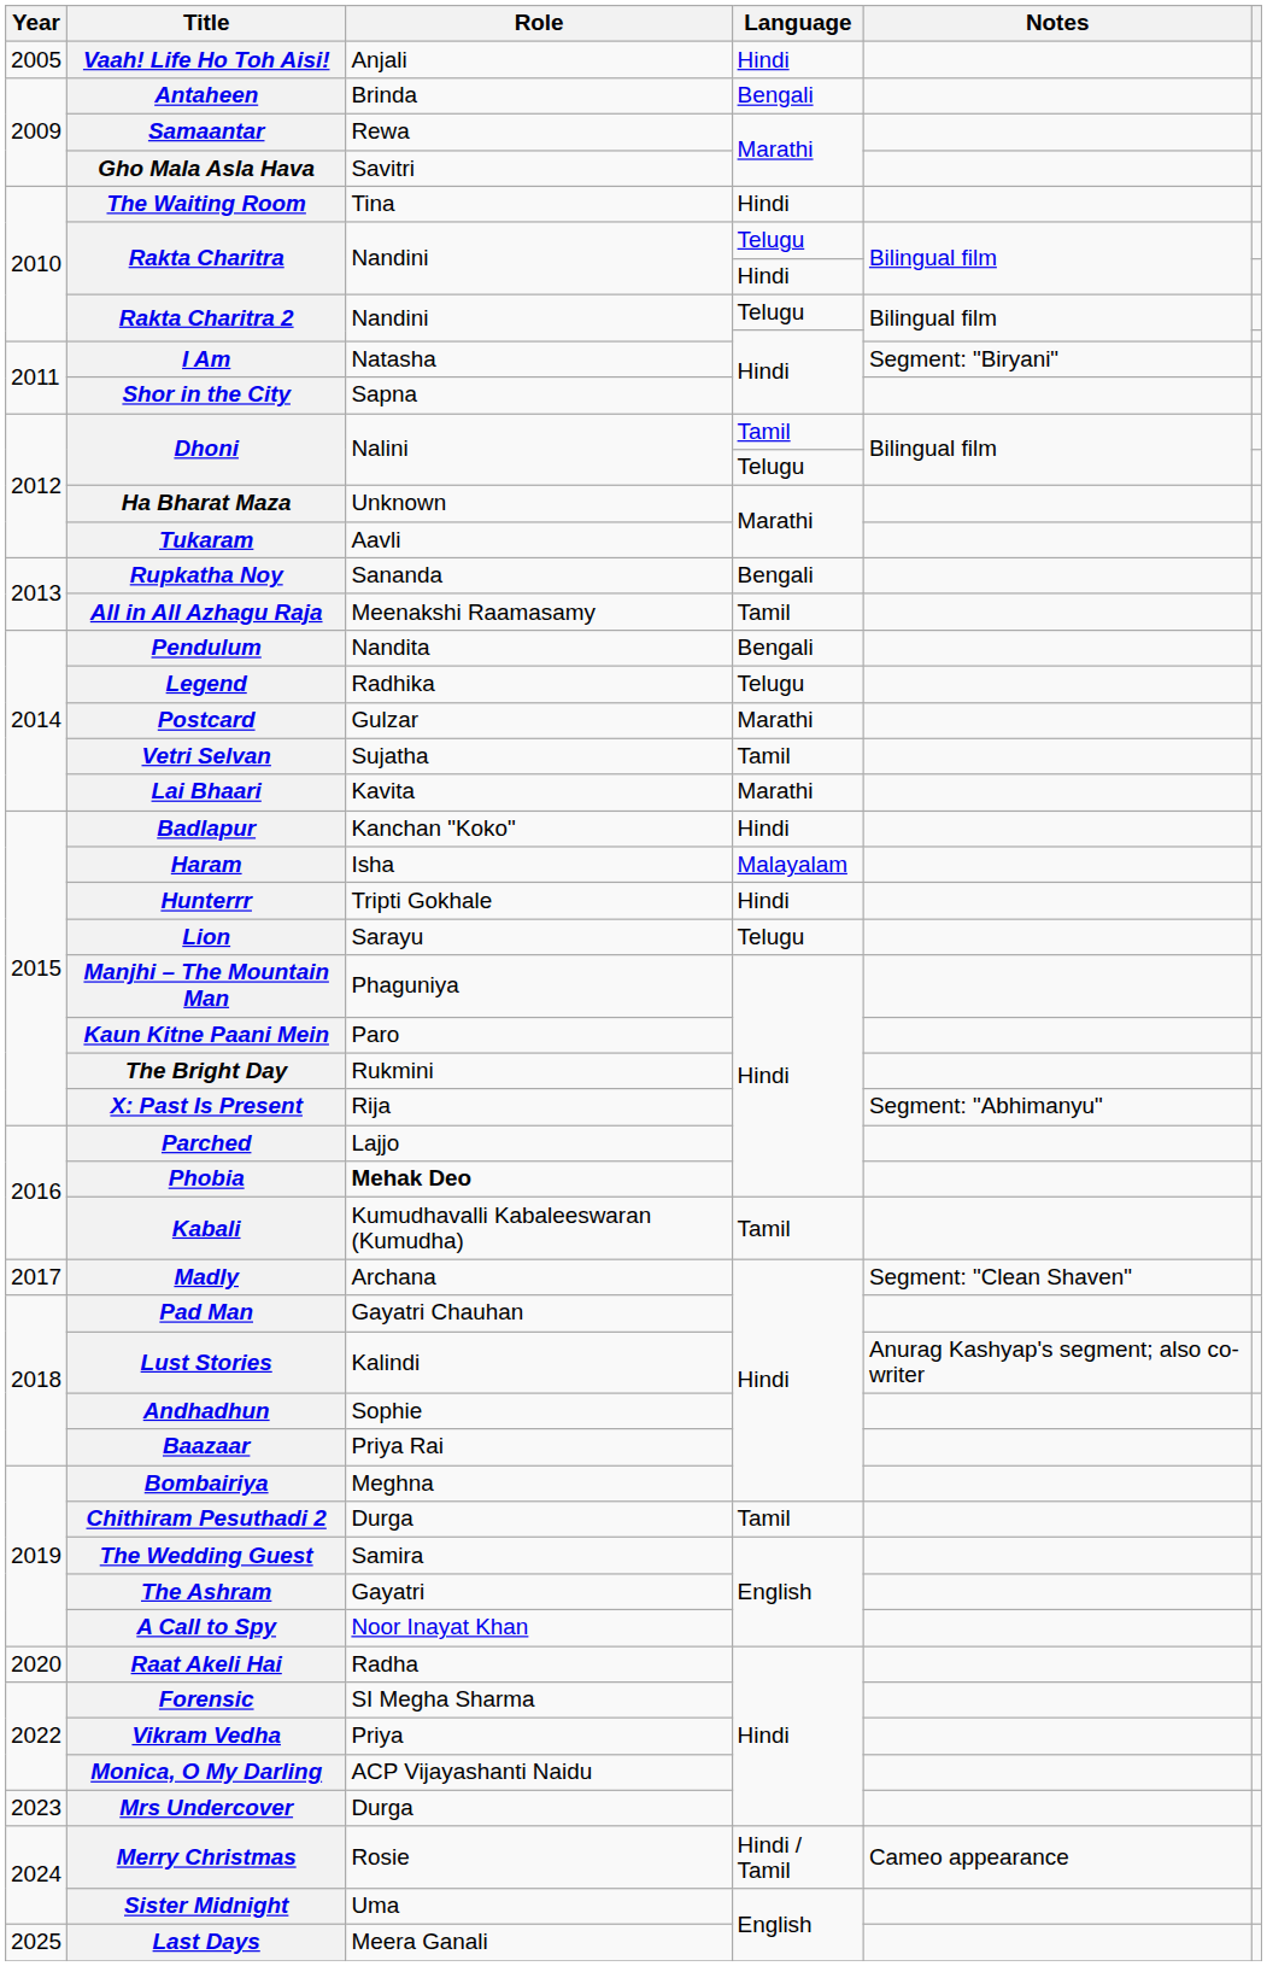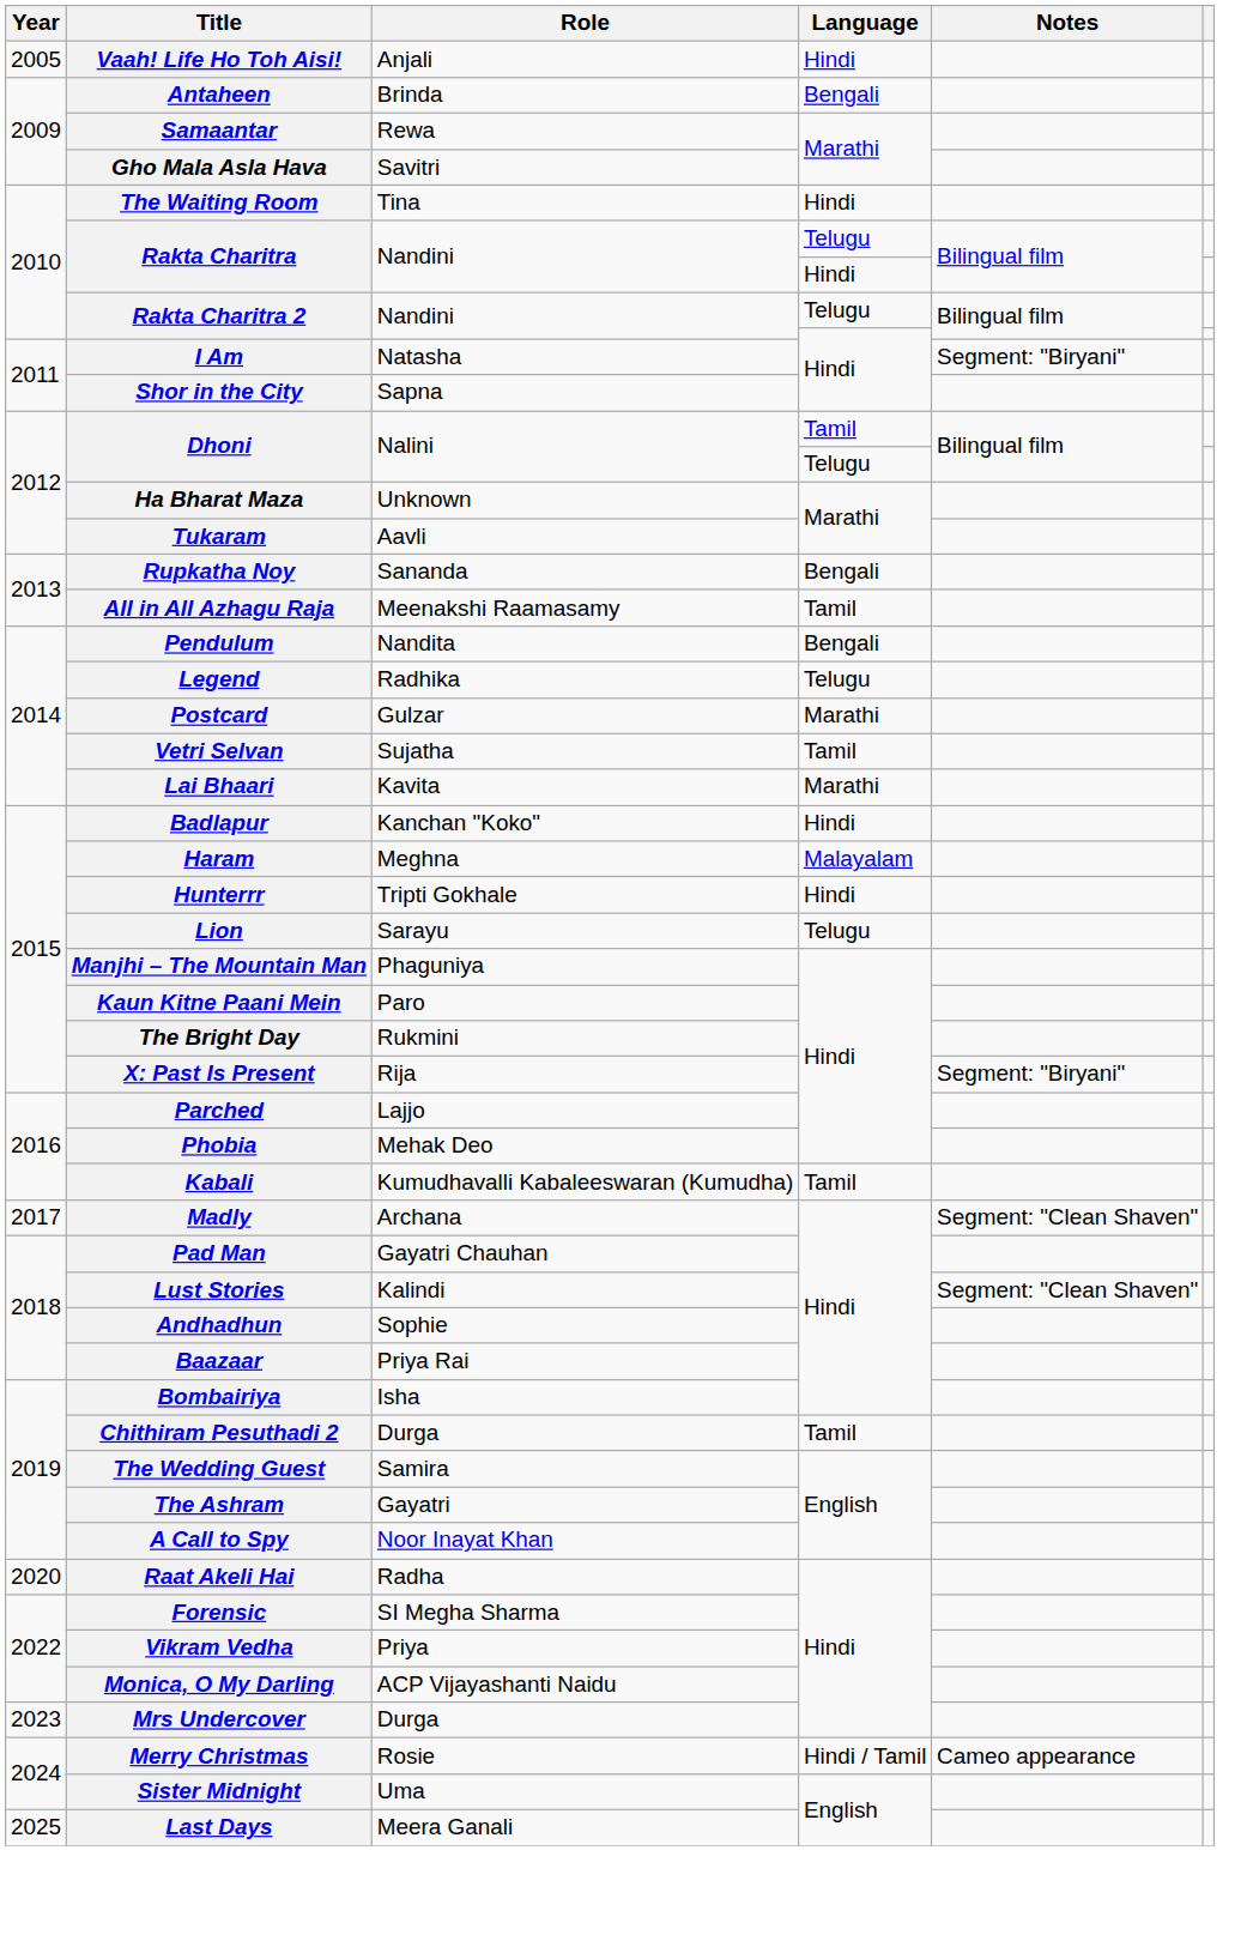 <table class="wikitable plainrowheaders sortable" style="margin-right: 0;">
 <tr>
 <th scope="col">Year</th>
 <th scope="col">Title</th>
 <th scope="col">Role</th>
 <th scope="col">Language</th>
 <th scope="col" class="unsortable">Notes</th>
 <th scope="col" class="unsortable"></th>
 </tr>
 <tr>
 <td>2005</td>
 <th scope="row"><em><a href='#'>Vaah! Life Ho Toh Aisi!</a></em></th>
 <td>Anjali</td>
 <td><a href='#'>Hindi</a></td>
 <td></td>
 <td></td>
 </tr>
 <tr>
 <td rowspan="3">2009</td>
 <th scope="row"><em><a href='#'>Antaheen</a></em></th>
 <td>Brinda</td>
 <td><a href='#'>Bengali</a></td>
 <td></td>
 <td></td>
 </tr>
 <tr>
 <th scope="row"><em><a href='#'>Samaantar</a></em></th>
 <td>Rewa</td>
 <td rowspan="2"><a href='#'>Marathi</a></td>
 <td></td>
 <td></td>
 </tr>
 <tr>
 <th scope="row"><em>Gho Mala Asla Hava</em></th>
 <td>Savitri</td>
 <td></td>
 <td></td>
 </tr>
 <tr>
 <td rowspan="5">2010</td>
 <th scope="row"><em><a href='#'>The Waiting Room</a></em></th>
 <td>Tina</td>
 <td>Hindi</td>
 <td></td>
 <td></td>
 </tr>
 <tr>
 <th scope="row" rowspan="2"><em><a href='#'>Rakta Charitra</a></em></th>
 <td rowspan="2">Nandini</td>
 <td><a href='#'>Telugu</a></td>
 <td rowspan="2"><a href='#'>Bilingual film</a></td>
 <td></td>
 </tr>
 <tr>
 <td>Hindi</td>
 <td></td>
 </tr>
 <tr>
 <th scope="row" rowspan="2"><em><a href='#'>Rakta Charitra 2</a></em></th>
 <td rowspan="2">Nandini</td>
 <td>Telugu</td>
 <td rowspan="2">Bilingual film</td>
 <td></td>
 </tr>
 <tr>
 <td rowspan="3">Hindi</td>
 <td></td>
 </tr>
 <tr>
 <td rowspan="2">2011</td>
 <th scope="row"><em><a href='#'>I Am</a></em></th>
 <td>Natasha</td>
 <td>Segment: "Biryani"</td>
 <td></td>
 </tr>
 <tr>
 <th scope="row"><em><a href='#'>Shor in the City</a></em></th>
 <td>Sapna</td>
 <td></td>
 <td></td>
 </tr>
 <tr>
 <td rowspan="4">2012</td>
 <th scope="row" rowspan="2"><em><a href='#'>Dhoni</a></em></th>
 <td rowspan="2">Nalini</td>
 <td><a href='#'>Tamil</a></td>
 <td rowspan="2">Bilingual film</td>
 <td></td>
 </tr>
 <tr>
 <td>Telugu</td>
 <td></td>
 </tr>
 <tr>
 <th scope="row"><em>Ha Bharat Maza</em></th>
 <td>Unknown</td>
 <td rowspan="2">Marathi</td>
 <td></td>
 <td></td>
 </tr>
 <tr>
 <th scope="row"><em><a href='#'>Tukaram</a></em></th>
 <td>Aavli</td>
 <td></td>
 <td></td>
 </tr>
 <tr>
 <td rowspan="2">2013</td>
 <th scope="row"><em><a href='#'>Rupkatha Noy</a></em></th>
 <td>Sananda</td>
 <td>Bengali</td>
 <td></td>
 <td></td>
 </tr>
 <tr>
 <th scope="row"><em><a href='#'>All in All Azhagu Raja</a></em></th>
 <td>Meenakshi Raamasamy</td>
 <td>Tamil</td>
 <td></td>
 <td></td>
 </tr>
 <tr>
 <td rowspan="5">2014</td>
 <th scope="row"><em><a href='#'>Pendulum</a></em></th>
 <td>Nandita</td>
 <td>Bengali</td>
 <td></td>
 <td></td>
 </tr>
 <tr>
 <th scope="row"><em><a href='#'>Legend</a></em></th>
 <td>Radhika</td>
 <td>Telugu</td>
 <td></td>
 <td></td>
 </tr>
 <tr>
 <th scope="row"><em><a href='#'>Postcard</a></em></th>
 <td>Gulzar</td>
 <td>Marathi</td>
 <td></td>
 <td></td>
 </tr>
 <tr>
 <th scope="row"><em><a href='#'>Vetri Selvan</a></em></th>
 <td>Sujatha</td>
 <td>Tamil</td>
 <td></td>
 <td></td>
 </tr>
 <tr>
 <th scope="row"><em><a href='#'>Lai Bhaari</a></em></th>
 <td>Kavita</td>
 <td>Marathi</td>
 <td></td>
 <td></td>
 </tr>
 <tr>
 <td rowspan="8">2015</td>
 <th scope="row"><em><a href='#'>Badlapur</a></em></th>
 <td>Kanchan "Koko"</td>
 <td>Hindi</td>
 <td></td>
 <td></td>
 </tr>
 <tr>
 <th scope="row"><em><a href='#'>Haram</a></em></th>
-<td>Isha</td>
+<td>Meghna</td>
 <td><a href='#'>Malayalam</a></td>
 <td></td>
 <td></td>
 </tr>
 <tr>
 <th scope="row"><em><a href='#'>Hunterrr</a></em></th>
 <td>Tripti Gokhale</td>
 <td>Hindi</td>
 <td></td>
 <td></td>
 </tr>
 <tr>
 <th scope="row"><em><a href='#'>Lion</a></em></th>
 <td>Sarayu</td>
 <td>Telugu</td>
 <td></td>
 <td></td>
 </tr>
 <tr>
 <th scope="row"><em><a href='#'>Manjhi – The Mountain Man</a></em></th>
 <td>Phaguniya</td>
 <td rowspan="6">Hindi</td>
 <td></td>
 <td></td>
 </tr>
 <tr>
 <th scope="row"><em><a href='#'>Kaun Kitne Paani Mein</a></em></th>
 <td>Paro</td>
 <td></td>
 <td></td>
 </tr>
 <tr>
 <th scope="row"><em>The Bright Day</em></th>
 <td>Rukmini</td>
 <td></td>
 <td></td>
 </tr>
 <tr>
 <th scope="row"><em><a href='#'>X: Past Is Present</a></em></th>
 <td>Rija</td>
-<td>Segment: "Abhimanyu"</td>
+<td>Segment: "Biryani"</td>
 <td></td>
 </tr>
 <tr>
 <td rowspan="3">2016</td>
 <th scope="row"><em><a href='#'>Parched</a></em></th>
 <td>Lajjo</td>
 <td></td>
 <td></td>
 </tr>
 <tr>
 <th scope="row"><em><a href='#'>Phobia</a></em></th>
-<td><strong>Mehak Deo</strong></td>
+<td>Mehak Deo</td>
 <td></td>
 <td></td>
 </tr>
 <tr>
 <th scope="row"><em><a href='#'>Kabali</a></em></th>
 <td>Kumudhavalli Kabaleeswaran (Kumudha)</td>
 <td>Tamil</td>
 <td></td>
 <td></td>
 </tr>
 <tr>
 <td>2017</td>
 <th scope="row"><em><a href='#'>Madly</a></em></th>
 <td>Archana</td>
 <td rowspan="6">Hindi</td>
 <td>Segment: "Clean Shaven"</td>
 <td></td>
 </tr>
 <tr>
 <td rowspan="4">2018</td>
 <th scope="row"><em><a href='#'>Pad Man</a></em></th>
 <td>Gayatri Chauhan</td>
 <td></td>
 <td></td>
 </tr>
 <tr>
 <th scope="row"><em><a href='#'>Lust Stories</a></em></th>
 <td>Kalindi</td>
-<td>Anurag Kashyap's segment; also co-writer</td>
+<td>Segment: "Clean Shaven"</td>
 <td></td>
 </tr>
 <tr>
 <th scope="row"><em><a href='#'>Andhadhun</a></em></th>
 <td>Sophie</td>
 <td></td>
 <td></td>
 </tr>
 <tr>
 <th scope="row"><em><a href='#'>Baazaar</a></em></th>
 <td>Priya Rai</td>
 <td></td>
 <td></td>
 </tr>
 <tr>
 <td rowspan="5">2019</td>
 <th scope="row"><em><a href='#'>Bombairiya</a></em></th>
-<td>Meghna</td>
+<td>Isha</td>
 <td></td>
 <td></td>
 </tr>
 <tr>
 <th scope="row"><em><a href='#'>Chithiram Pesuthadi 2</a></em></th>
 <td>Durga</td>
 <td>Tamil</td>
 <td></td>
 <td></td>
 </tr>
 <tr>
 <th scope="row"><em><a href='#'>The Wedding Guest</a></em></th>
 <td>Samira</td>
 <td rowspan="3">English</td>
 <td></td>
 <td></td>
 </tr>
 <tr>
 <th scope="row"><em><a href='#'>The Ashram</a></em></th>
 <td>Gayatri</td>
 <td></td>
 <td></td>
 </tr>
 <tr>
 <th scope="row"><em><a href='#'>A Call to Spy</a></em></th>
 <td><a href='#'>Noor Inayat Khan</a></td>
 <td></td>
 <td></td>
 </tr>
 <tr>
 <td>2020</td>
 <th scope="row"><em><a href='#'>Raat Akeli Hai</a></em></th>
 <td>Radha</td>
 <td rowspan="6">Hindi</td>
 <td></td>
 <td></td>
 </tr>
 <tr>
 <td rowspan="3">2022</td>
 <th scope="row"><em><a href='#'>Forensic</a></em></th>
 <td>SI Megha Sharma</td>
 <td></td>
 <td></td>
 </tr>
 <tr>
 <th scope="row"><em><a href='#'>Vikram Vedha</a></em></th>
 <td>Priya</td>
 <td></td>
 <td></td>
 </tr>
 <tr>
 <th scope="row"><em><a href='#'>Monica, O My Darling</a></em></th>
 <td>ACP Vijayashanti Naidu</td>
 <td></td>
 <td></td>
 </tr>
 <tr>
 <td rowspan="1">2023</td>
 <th scope="row"><em><a href='#'>Mrs Undercover</a></em></th>
 <td>Durga</td>
 <td></td>
 <td></td>
 </tr>
 <tr>
 <td rowspan="3">2024</td>
 <th rowspan="2" scope="row"><em><a href='#'>Merry Christmas</a></em></th>
 <td rowspan="2">Rosie</td>
 <td rowspan="2">Cameo appearance</td>
 <td rowspan="2"></td>
 </tr>
 <tr>
 <td>Hindi / Tamil</td>
 </tr>
 <tr>
 <th scope="row"><em><a href='#'>Sister Midnight</a></em></th>
 <td>Uma</td>
 <td rowspan="2">English</td>
 <td></td>
 <td></td>
 </tr>
 <tr>
 <td>2025</td>
 <th scope="row"><em><a href='#'>Last Days</a></em></th>
 <td>Meera Ganali</td>
 <td></td>
 <td><br>   </td>
 </tr>
 </table>
